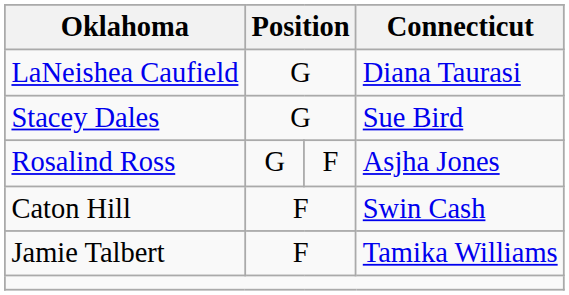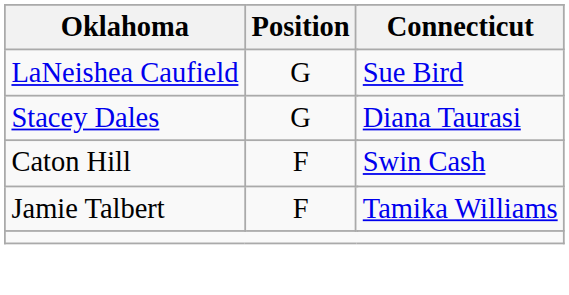 <table class="wikitable">
 <tr>
 <th>Oklahoma</th>
 <th colspan=2>Position</th>
 <th>Connecticut</th>
 </tr>
 <tr>
 <td><a href='#'>LaNeishea Caufield</a></td>
 <td colspan=2 style="text-align:center">G</td>
-<td><a href='#'>Diana Taurasi</a></td>
+<td><a href='#'>Sue Bird</a></td>
 </tr>
 <tr>
 <td><a href='#'>Stacey Dales</a></td>
 <td colspan=2 style="text-align:center">G</td>
-<td><a href='#'>Sue Bird</a></td>
-</tr>
-<tr>
-<td><a href='#'>Rosalind Ross</a></td>
-<td style="text-align:center">G</td>
-<td style="text-align:center">F</td>
-<td><a href='#'>Asjha Jones</a></td>
+<td><a href='#'>Diana Taurasi</a></td>
 </tr>
 <tr>
 <td>Caton Hill</td>
 <td colspan=2 style="text-align:center">F</td>
 <td><a href='#'>Swin Cash</a></td>
 </tr>
 <tr>
 <td>Jamie Talbert</td>
 <td colspan=2 style="text-align:center">F</td>
 <td><a href='#'>Tamika Williams</a></td>
 </tr>
 <tr>
 <td style="text-align:center" colspan=4></td>
 </tr>
 </table>
